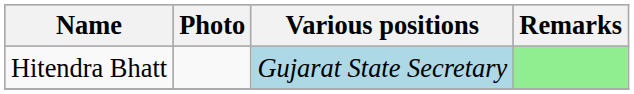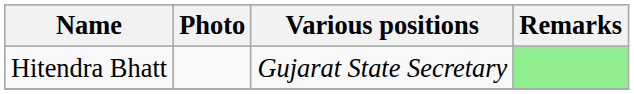 <table class="wikitable sortable" style="text-align:center">
 <tr>
 <th Style="background-color:">Name</th>
 <th Style="background-color:">Photo</th>
 <th Style="background-color:">Various positions</th>
 <th Style="background-color:">Remarks</th>
 </tr>
 <tr>
 <td>Hitendra Bhatt</td>
 <td></td>
-<td style="background: lightblue;"><em>Gujarat State Secretary</em></td>
+<td><em>Gujarat State Secretary</em></td>
 <td bgcolor = LightGreen></td>
 </tr>
 <tr>
 </tr>
 </table>
